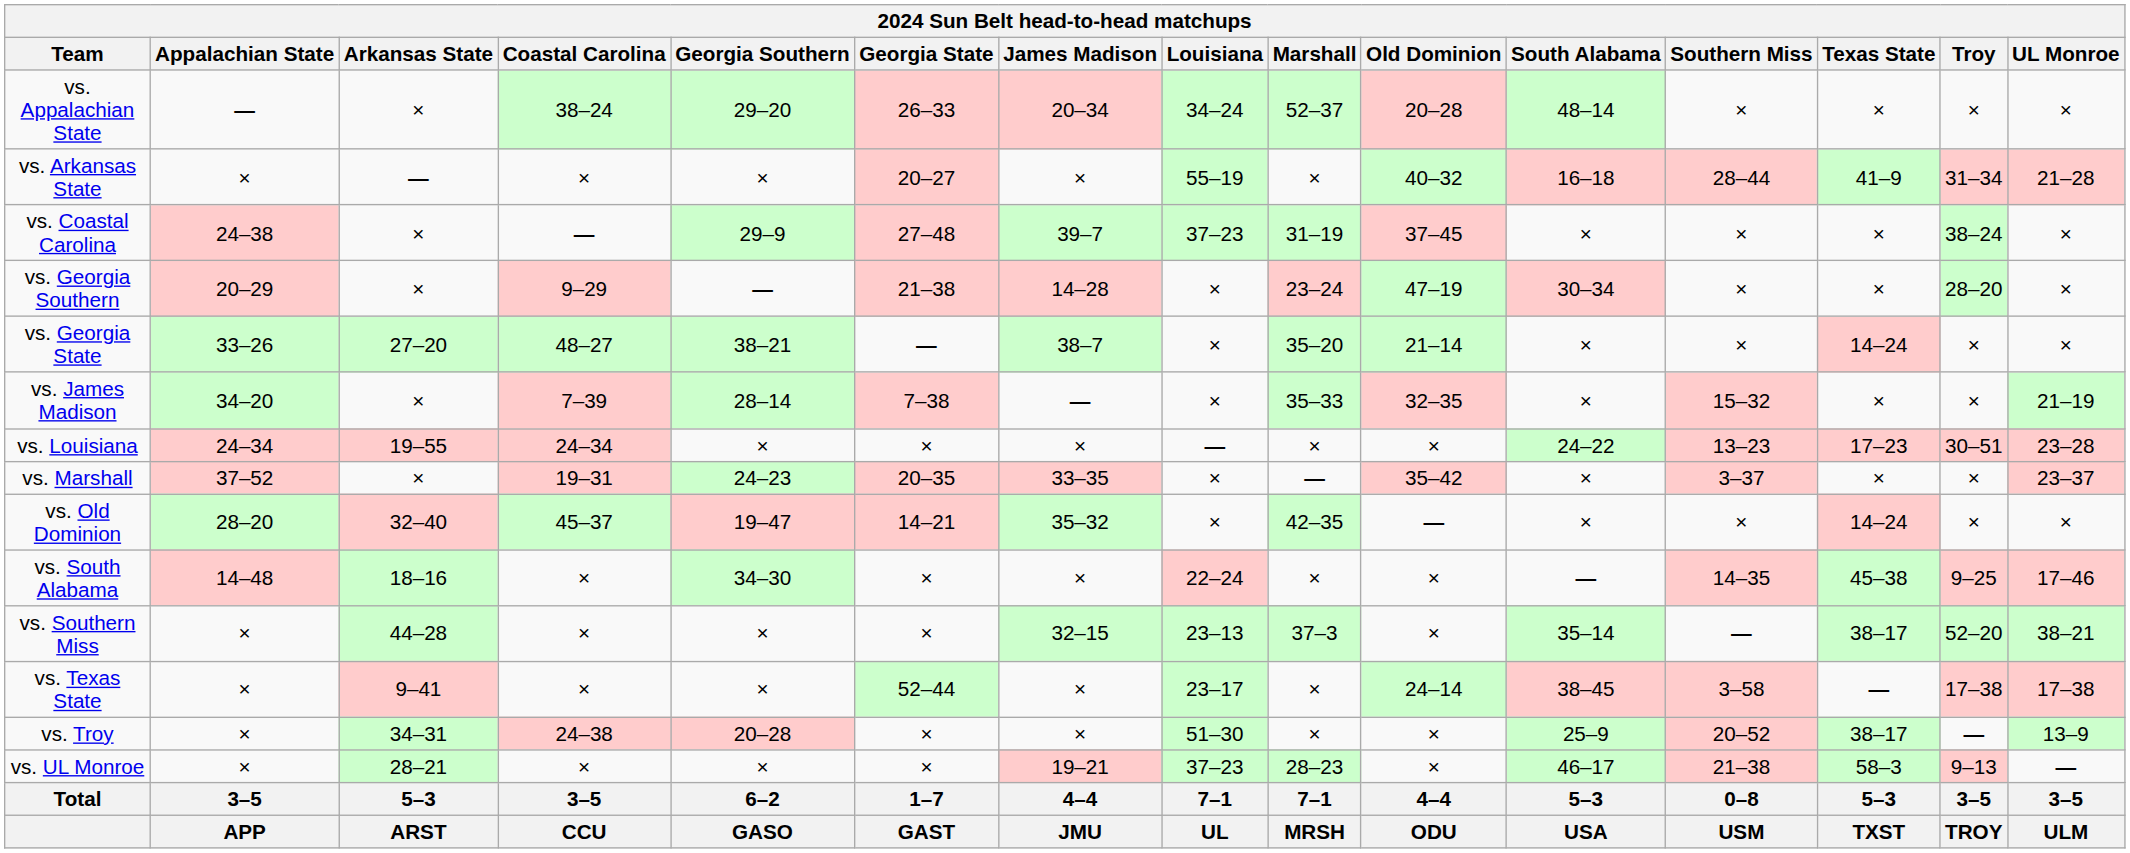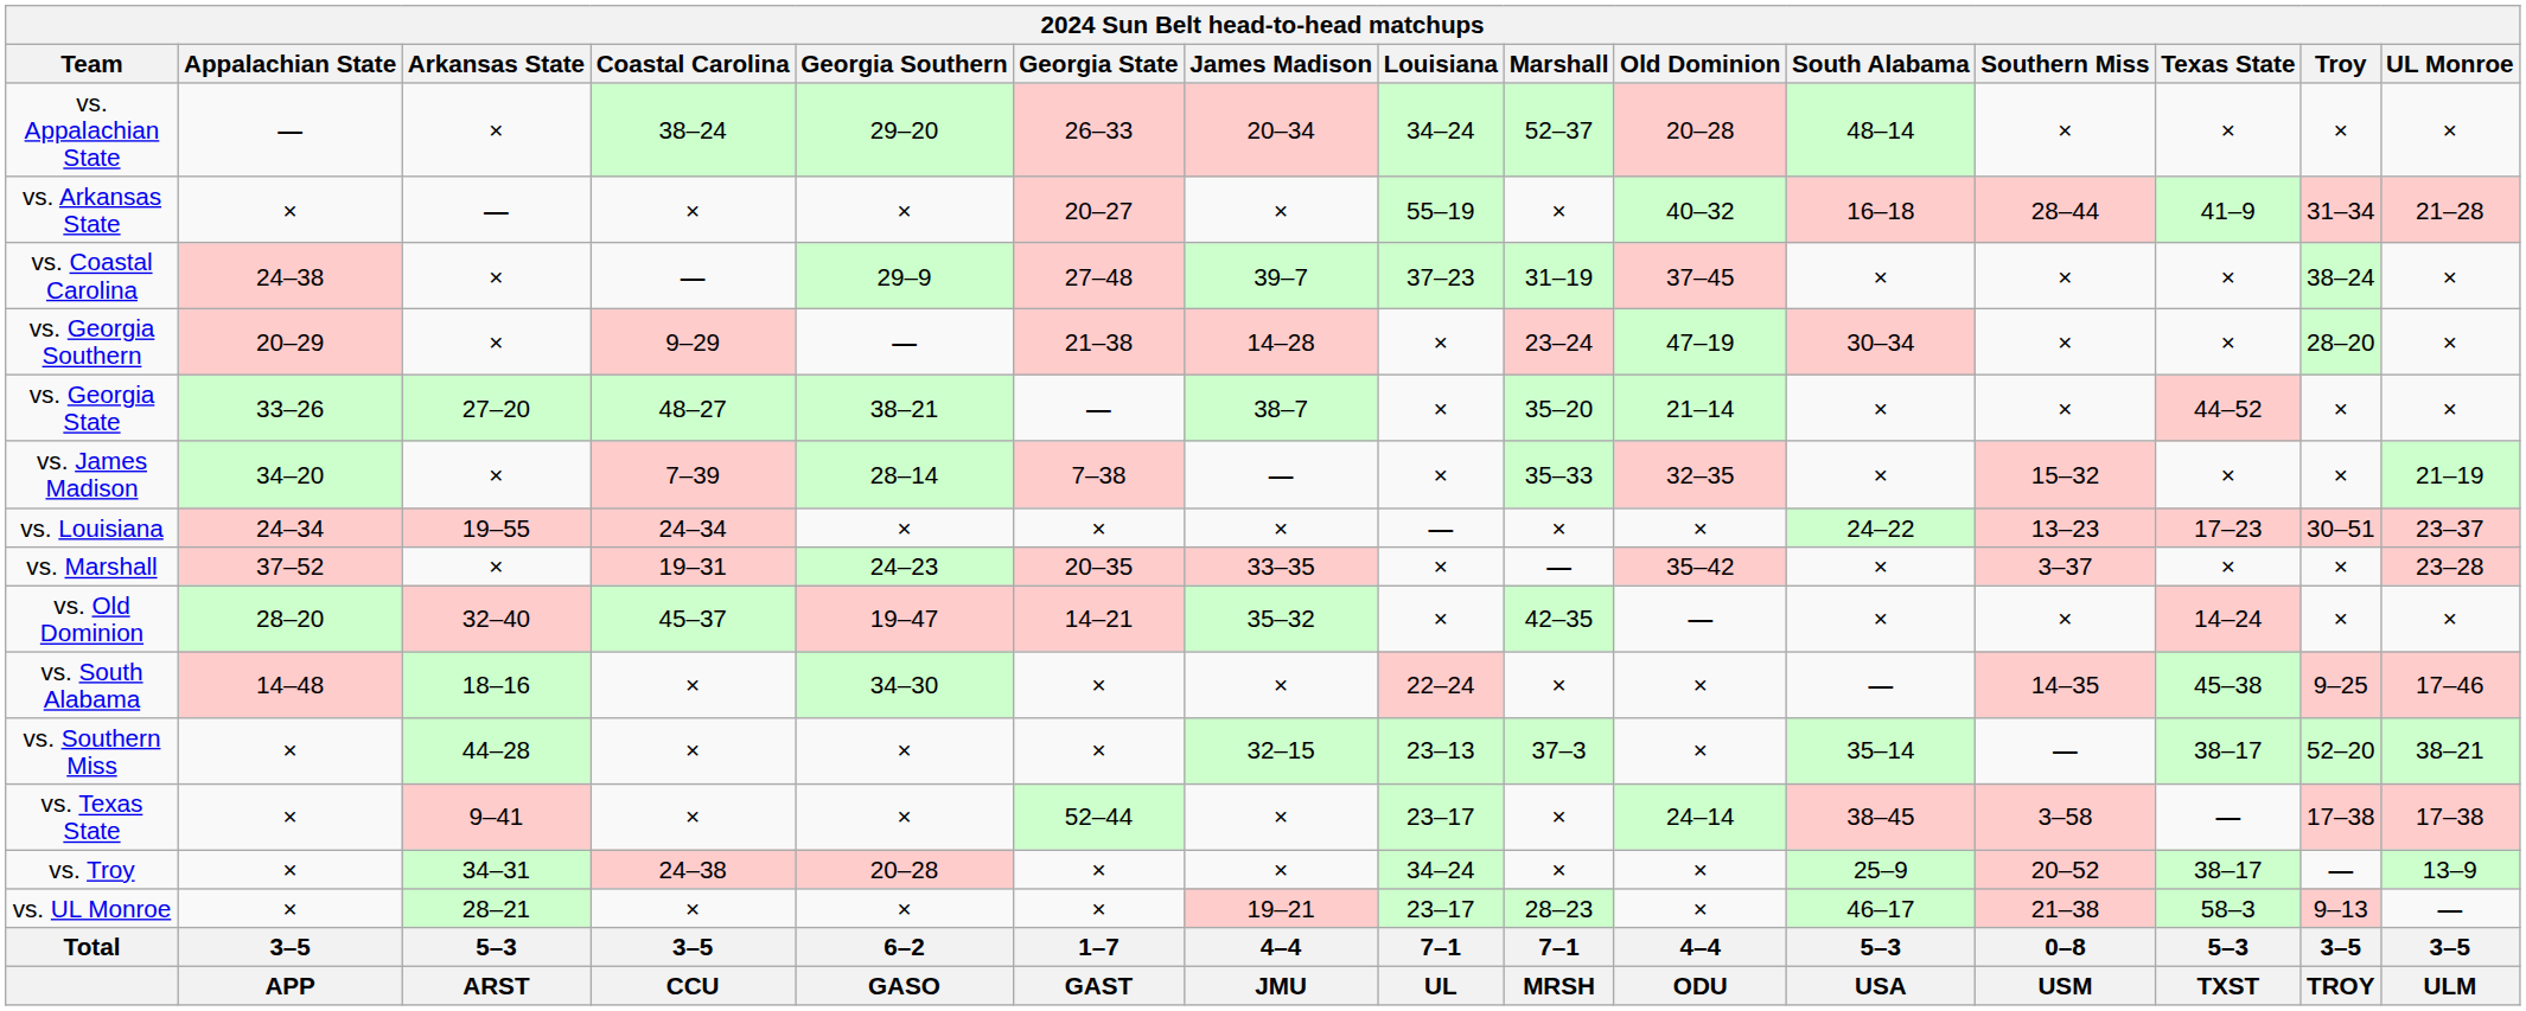 <table class="wikitable" style="font-size:95%; text-align:center;">
 <tr>
 <th colspan=15>2024 Sun Belt head-to-head matchups</th>
 </tr>
 <tr>
 <th style="width:100px;">Team</th>
 <th>Appalachian State</th>
 <th>Arkansas State</th>
 <th>Coastal Carolina</th>
 <th>Georgia Southern</th>
 <th>Georgia State</th>
 <th>James Madison</th>
 <th>Louisiana</th>
 <th>Marshall</th>
 <th>Old Dominion</th>
 <th>South Alabama</th>
 <th>Southern Miss</th>
 <th>Texas State</th>
 <th>Troy</th>
 <th>UL Monroe</th>
 </tr>
 <tr>
 <td>vs. <a href='#'>Appalachian State</a></td>
 <td><strong>—</strong></td>
 <td>×</td>
 <td bgcolor=#cfc>38–24</td>
 <td bgcolor=#cfc>29–20</td>
 <td bgcolor=#fcc>26–33</td>
 <td bgcolor=#fcc>20–34</td>
 <td bgcolor=#cfc>34–24</td>
 <td bgcolor=#cfc>52–37</td>
 <td bgcolor=#fcc>20–28</td>
 <td bgcolor=#cfc>48–14</td>
 <td>×</td>
 <td>×</td>
 <td>×</td>
 <td>×</td>
 </tr>
 <tr>
 <td>vs. <a href='#'>Arkansas State</a></td>
 <td>×</td>
 <td><strong>—</strong></td>
 <td>×</td>
 <td>×</td>
 <td bgcolor=#fcc>20–27</td>
 <td>×</td>
 <td bgcolor=#cfc>55–19</td>
 <td>×</td>
 <td bgcolor=#cfc>40–32</td>
 <td bgcolor=#fcc>16–18</td>
 <td bgcolor=#fcc>28–44</td>
 <td bgcolor=#cfc>41–9</td>
 <td bgcolor=#fcc>31–34</td>
 <td bgcolor=#fcc>21–28</td>
 </tr>
 <tr>
 <td>vs. <a href='#'>Coastal Carolina</a></td>
 <td bgcolor=#fcc>24–38</td>
 <td>×</td>
 <td><strong>—</strong></td>
 <td bgcolor=#cfc>29–9</td>
 <td bgcolor=#fcc>27–48</td>
 <td bgcolor=#cfc>39–7</td>
 <td bgcolor=#cfc>37–23</td>
 <td bgcolor=#cfc>31–19</td>
 <td bgcolor=#fcc>37–45</td>
 <td>×</td>
 <td>×</td>
 <td>×</td>
 <td bgcolor=#cfc>38–24</td>
 <td>×</td>
 </tr>
 <tr>
 <td>vs. <a href='#'>Georgia Southern</a></td>
 <td bgcolor=#fcc>20–29</td>
 <td>×</td>
 <td bgcolor=#fcc>9–29</td>
 <td><strong>—</strong></td>
 <td bgcolor=#fcc>21–38</td>
 <td bgcolor=#fcc>14–28</td>
 <td>×</td>
 <td bgcolor=#fcc>23–24</td>
 <td bgcolor=#cfc>47–19</td>
 <td bgcolor=#fcc>30–34</td>
 <td>×</td>
 <td>×</td>
 <td bgcolor=#cfc>28–20</td>
 <td>×</td>
 </tr>
 <tr>
 <td>vs. <a href='#'>Georgia State</a></td>
 <td bgcolor=#cfc>33–26</td>
 <td bgcolor=#cfc>27–20</td>
 <td bgcolor=#cfc>48–27</td>
 <td bgcolor=#cfc>38–21</td>
 <td><strong>—</strong></td>
 <td bgcolor=#cfc>38–7</td>
 <td>×</td>
 <td bgcolor=#cfc>35–20</td>
 <td bgcolor=#cfc>21–14</td>
 <td>×</td>
 <td>×</td>
-<td bgcolor=#fcc>14–24</td>
+<td bgcolor=#fcc>44–52</td>
 <td>×</td>
 <td>×</td>
 </tr>
 <tr>
 <td>vs. <a href='#'>James Madison</a></td>
 <td bgcolor=#cfc>34–20</td>
 <td>×</td>
 <td bgcolor=#fcc>7–39</td>
 <td bgcolor=#cfc>28–14</td>
 <td bgcolor=#fcc>7–38</td>
 <td><strong>—</strong></td>
 <td>×</td>
 <td bgcolor=#cfc>35–33</td>
 <td bgcolor=#fcc>32–35</td>
 <td>×</td>
 <td bgcolor=#fcc>15–32</td>
 <td>×</td>
 <td>×</td>
 <td bgcolor=#cfc>21–19</td>
 </tr>
 <tr>
 <td>vs. <a href='#'>Louisiana</a></td>
 <td bgcolor=#fcc>24–34</td>
 <td bgcolor=#fcc>19–55</td>
 <td bgcolor=#fcc>24–34</td>
 <td>×</td>
 <td>×</td>
 <td>×</td>
 <td><strong>—</strong></td>
 <td>×</td>
 <td>×</td>
 <td bgcolor=#cfc>24–22</td>
 <td bgcolor=#fcc>13–23</td>
 <td bgcolor=#fcc>17–23</td>
 <td bgcolor=#fcc>30–51</td>
-<td bgcolor=#fcc>23–28</td>
+<td bgcolor=#fcc>23–37</td>
 </tr>
 <tr>
 <td>vs. <a href='#'>Marshall</a></td>
 <td bgcolor=#fcc>37–52</td>
 <td>×</td>
 <td bgcolor=#fcc>19–31</td>
 <td bgcolor=#cfc>24–23</td>
 <td bgcolor=#fcc>20–35</td>
 <td bgcolor=#fcc>33–35</td>
 <td>×</td>
 <td><strong>—</strong></td>
 <td bgcolor=#fcc>35–42</td>
 <td>×</td>
 <td bgcolor=#fcc>3–37</td>
 <td>×</td>
 <td>×</td>
-<td bgcolor=#fcc>23–37</td>
+<td bgcolor=#fcc>23–28</td>
 </tr>
 <tr>
 <td>vs. <a href='#'>Old Dominion</a></td>
 <td bgcolor=#cfc>28–20</td>
 <td bgcolor=#fcc>32–40</td>
 <td bgcolor=#cfc>45–37</td>
 <td bgcolor=#fcc>19–47</td>
 <td bgcolor=#fcc>14–21</td>
 <td bgcolor=#cfc>35–32</td>
 <td>×</td>
 <td bgcolor=#cfc>42–35</td>
 <td><strong>—</strong></td>
 <td>×</td>
 <td>×</td>
 <td bgcolor=#fcc>14–24</td>
 <td>×</td>
 <td>×</td>
 </tr>
 <tr>
 <td>vs. <a href='#'>South Alabama</a></td>
 <td bgcolor=#fcc>14–48</td>
 <td bgcolor=#cfc>18–16</td>
 <td>×</td>
 <td bgcolor=#cfc>34–30</td>
 <td>×</td>
 <td>×</td>
 <td bgcolor=#fcc>22–24</td>
 <td>×</td>
 <td>×</td>
 <td><strong>—</strong></td>
 <td bgcolor=#fcc>14–35</td>
 <td bgcolor=#cfc>45–38</td>
 <td bgcolor=#fcc>9–25</td>
 <td bgcolor=#fcc>17–46</td>
 </tr>
 <tr>
 <td>vs. <a href='#'>Southern Miss</a></td>
 <td>×</td>
 <td bgcolor=#cfc>44–28</td>
 <td>×</td>
 <td>×</td>
 <td>×</td>
 <td bgcolor=#cfc>32–15</td>
 <td bgcolor=#cfc>23–13</td>
 <td bgcolor=#cfc>37–3</td>
 <td>×</td>
 <td bgcolor=#cfc>35–14</td>
 <td><strong>—</strong></td>
 <td bgcolor=#cfc>38–17</td>
 <td bgcolor=#cfc>52–20</td>
 <td bgcolor=#cfc>38–21</td>
 </tr>
 <tr>
 <td>vs. <a href='#'>Texas State</a></td>
 <td>×</td>
 <td bgcolor=#fcc>9–41</td>
 <td>×</td>
 <td>×</td>
 <td bgcolor=#cfc>52–44</td>
 <td>×</td>
 <td bgcolor=#cfc>23–17</td>
 <td>×</td>
 <td bgcolor=#cfc>24–14</td>
 <td bgcolor=#fcc>38–45</td>
 <td bgcolor=#fcc>3–58</td>
 <td><strong>—</strong></td>
 <td bgcolor=#fcc>17–38</td>
 <td bgcolor=#fcc>17–38</td>
 </tr>
 <tr>
 <td>vs. <a href='#'>Troy</a></td>
 <td>×</td>
 <td bgcolor=#cfc>34–31</td>
 <td bgcolor=#fcc>24–38</td>
 <td bgcolor=#fcc>20–28</td>
 <td>×</td>
 <td>×</td>
-<td bgcolor=#cfc>51–30</td>
+<td bgcolor=#cfc>34–24</td>
 <td>×</td>
 <td>×</td>
 <td bgcolor=#cfc>25–9</td>
 <td bgcolor=#fcc>20–52</td>
 <td bgcolor=#cfc>38–17</td>
 <td><strong>—</strong></td>
 <td bgcolor=#cfc>13–9</td>
 </tr>
 <tr>
 <td>vs. <a href='#'>UL Monroe</a></td>
 <td>×</td>
 <td bgcolor=#cfc>28–21</td>
 <td>×</td>
 <td>×</td>
 <td>×</td>
 <td bgcolor=#fcc>19–21</td>
-<td bgcolor=#cfc>37–23</td>
+<td bgcolor=#cfc>23–17</td>
 <td bgcolor=#cfc>28–23</td>
 <td>×</td>
 <td bgcolor=#cfc>46–17</td>
 <td bgcolor=#fcc>21–38</td>
 <td bgcolor=#cfc>58–3</td>
 <td bgcolor=#fcc>9–13</td>
 <td><strong>—</strong></td>
 </tr>
 <tr style="text-align:center;">
 <th>Total</th>
 <th>3–5</th>
 <th>5–3</th>
 <th>3–5</th>
 <th>6–2</th>
 <th>1–7</th>
 <th>4–4</th>
 <th>7–1</th>
 <th>7–1</th>
 <th>4–4</th>
 <th>5–3</th>
 <th>0–8</th>
 <th>5–3</th>
 <th>3–5</th>
 <th>3–5</th>
 </tr>
 <tr>
 <th style="width:100px;"></th>
 <th>APP</th>
 <th>ARST</th>
 <th>CCU</th>
 <th>GASO</th>
 <th>GAST</th>
 <th>JMU</th>
 <th>UL</th>
 <th>MRSH</th>
 <th>ODU</th>
 <th>USA</th>
 <th>USM</th>
 <th>TXST</th>
 <th>TROY</th>
 <th>ULM</th>
 </tr>
 </table>
